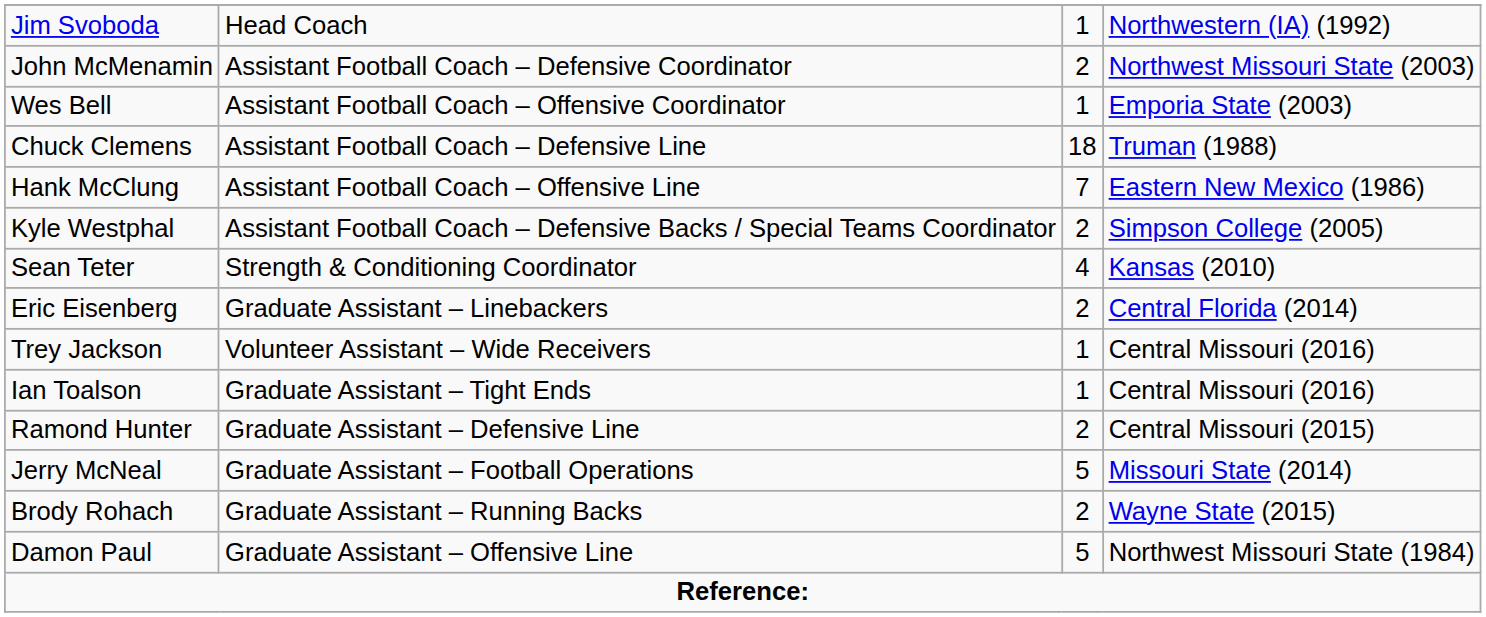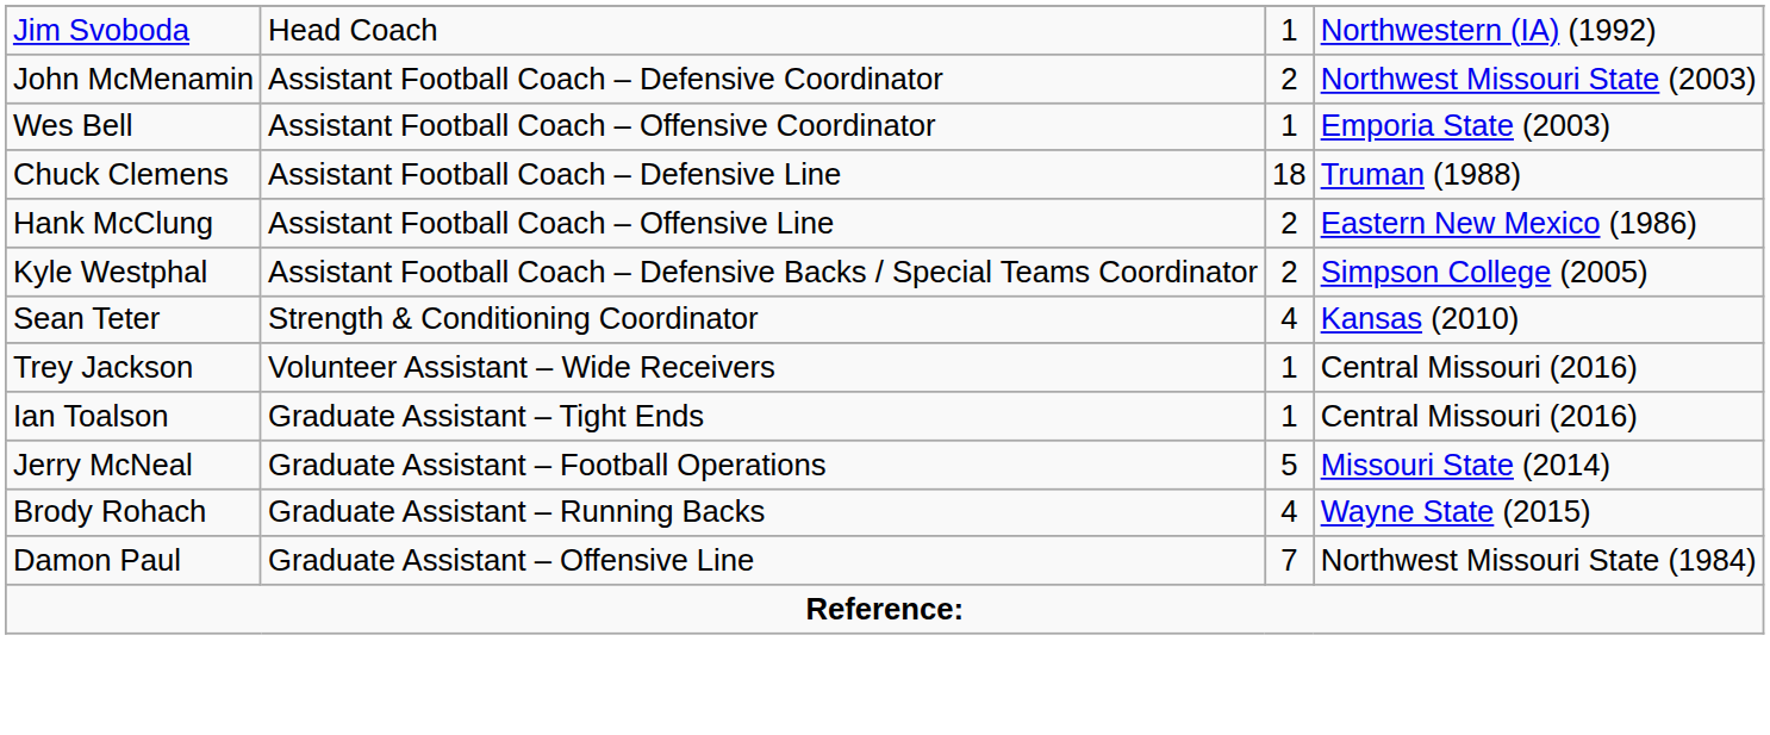 <table class="wikitable" style="font-size:90%;">
 <tr>
 </tr>
 <tr>
 <td><a href='#'>Jim Svoboda</a></td>
 <td>Head Coach</td>
 <td align=center>1</td>
 <td><a href='#'>Northwestern (IA)</a> (1992)</td>
 </tr>
 <tr>
 <td>John McMenamin</td>
 <td>Assistant Football Coach – Defensive Coordinator</td>
 <td align=center>2</td>
 <td><a href='#'>Northwest Missouri State</a> (2003)</td>
 </tr>
 <tr>
 <td>Wes Bell</td>
 <td>Assistant Football Coach – Offensive Coordinator</td>
 <td align=center>1</td>
 <td><a href='#'>Emporia State</a> (2003)</td>
 </tr>
 <tr>
 <td>Chuck Clemens</td>
 <td>Assistant Football Coach – Defensive Line</td>
 <td align=center>18</td>
 <td><a href='#'>Truman</a> (1988)</td>
 </tr>
 <tr>
 <td>Hank McClung</td>
 <td>Assistant Football Coach – Offensive Line</td>
-<td align=center>7</td>
+<td align=center>2</td>
 <td><a href='#'>Eastern New Mexico</a> (1986)</td>
 </tr>
 <tr>
 <td>Kyle Westphal</td>
 <td>Assistant Football Coach – Defensive Backs / Special Teams Coordinator</td>
 <td align=center>2</td>
 <td><a href='#'>Simpson College</a> (2005)</td>
 </tr>
 <tr>
 <td>Sean Teter</td>
 <td>Strength & Conditioning Coordinator</td>
 <td align=center>4</td>
 <td><a href='#'>Kansas</a> (2010)</td>
 </tr>
 <tr>
-<td>Eric Eisenberg</td>
-<td>Graduate Assistant – Linebackers</td>
-<td align=center>2</td>
-<td><a href='#'>Central Florida</a> (2014)</td>
-</tr>
-<tr>
 <td>Trey Jackson</td>
 <td>Volunteer Assistant – Wide Receivers</td>
 <td align=center>1</td>
 <td>Central Missouri (2016)</td>
 </tr>
 <tr>
 <td>Ian Toalson</td>
 <td>Graduate Assistant – Tight Ends</td>
 <td align=center>1</td>
 <td>Central Missouri (2016)</td>
 </tr>
 <tr>
-<td>Ramond Hunter</td>
-<td>Graduate Assistant – Defensive Line</td>
-<td align=center>2</td>
-<td>Central Missouri (2015)</td>
-</tr>
-<tr>
 <td>Jerry McNeal</td>
 <td>Graduate Assistant – Football Operations</td>
 <td align=center>5</td>
 <td><a href='#'>Missouri State</a> (2014)</td>
 </tr>
 <tr>
 <td>Brody Rohach</td>
 <td>Graduate Assistant – Running Backs</td>
-<td align=center>2</td>
+<td align=center>4</td>
 <td><a href='#'>Wayne State</a> (2015)</td>
 </tr>
 <tr>
 <td>Damon Paul</td>
 <td>Graduate Assistant – Offensive Line</td>
-<td align=center>5</td>
+<td align=center>7</td>
 <td>Northwest Missouri State (1984)</td>
 </tr>
 <tr style="text-align:center;">
 <td colspan=4><strong>Reference:</strong></td>
 </tr>
 </table>
